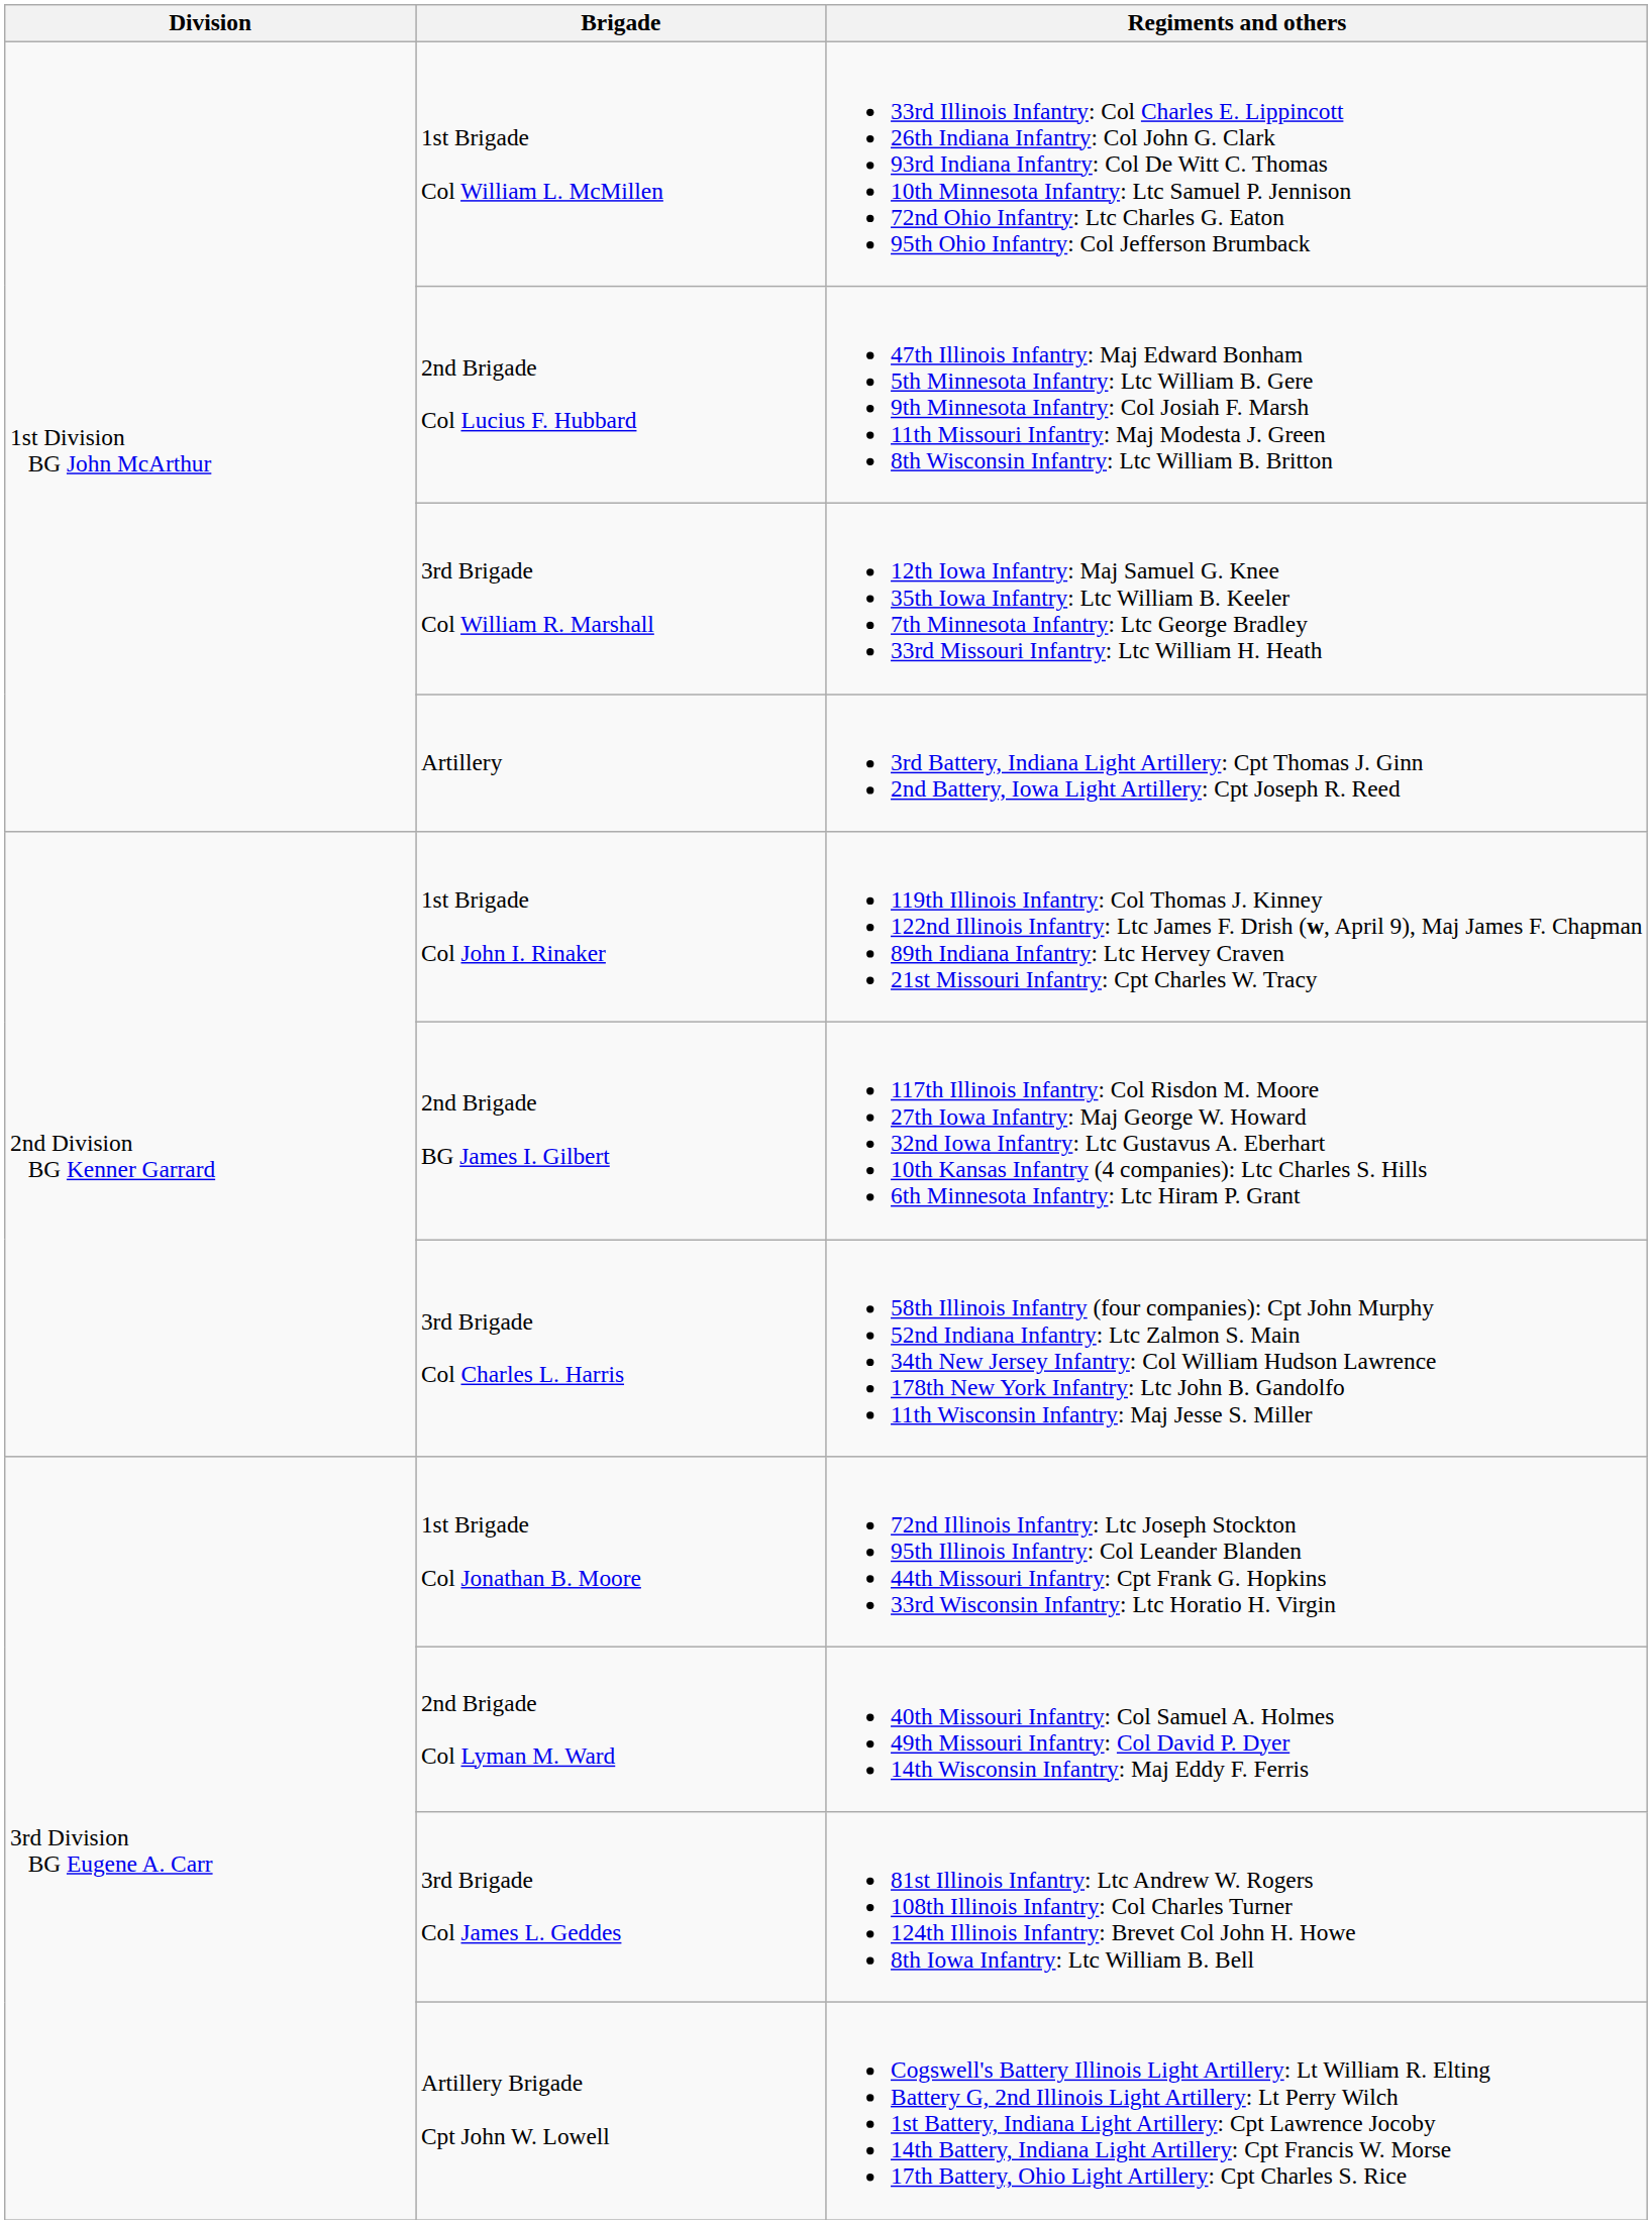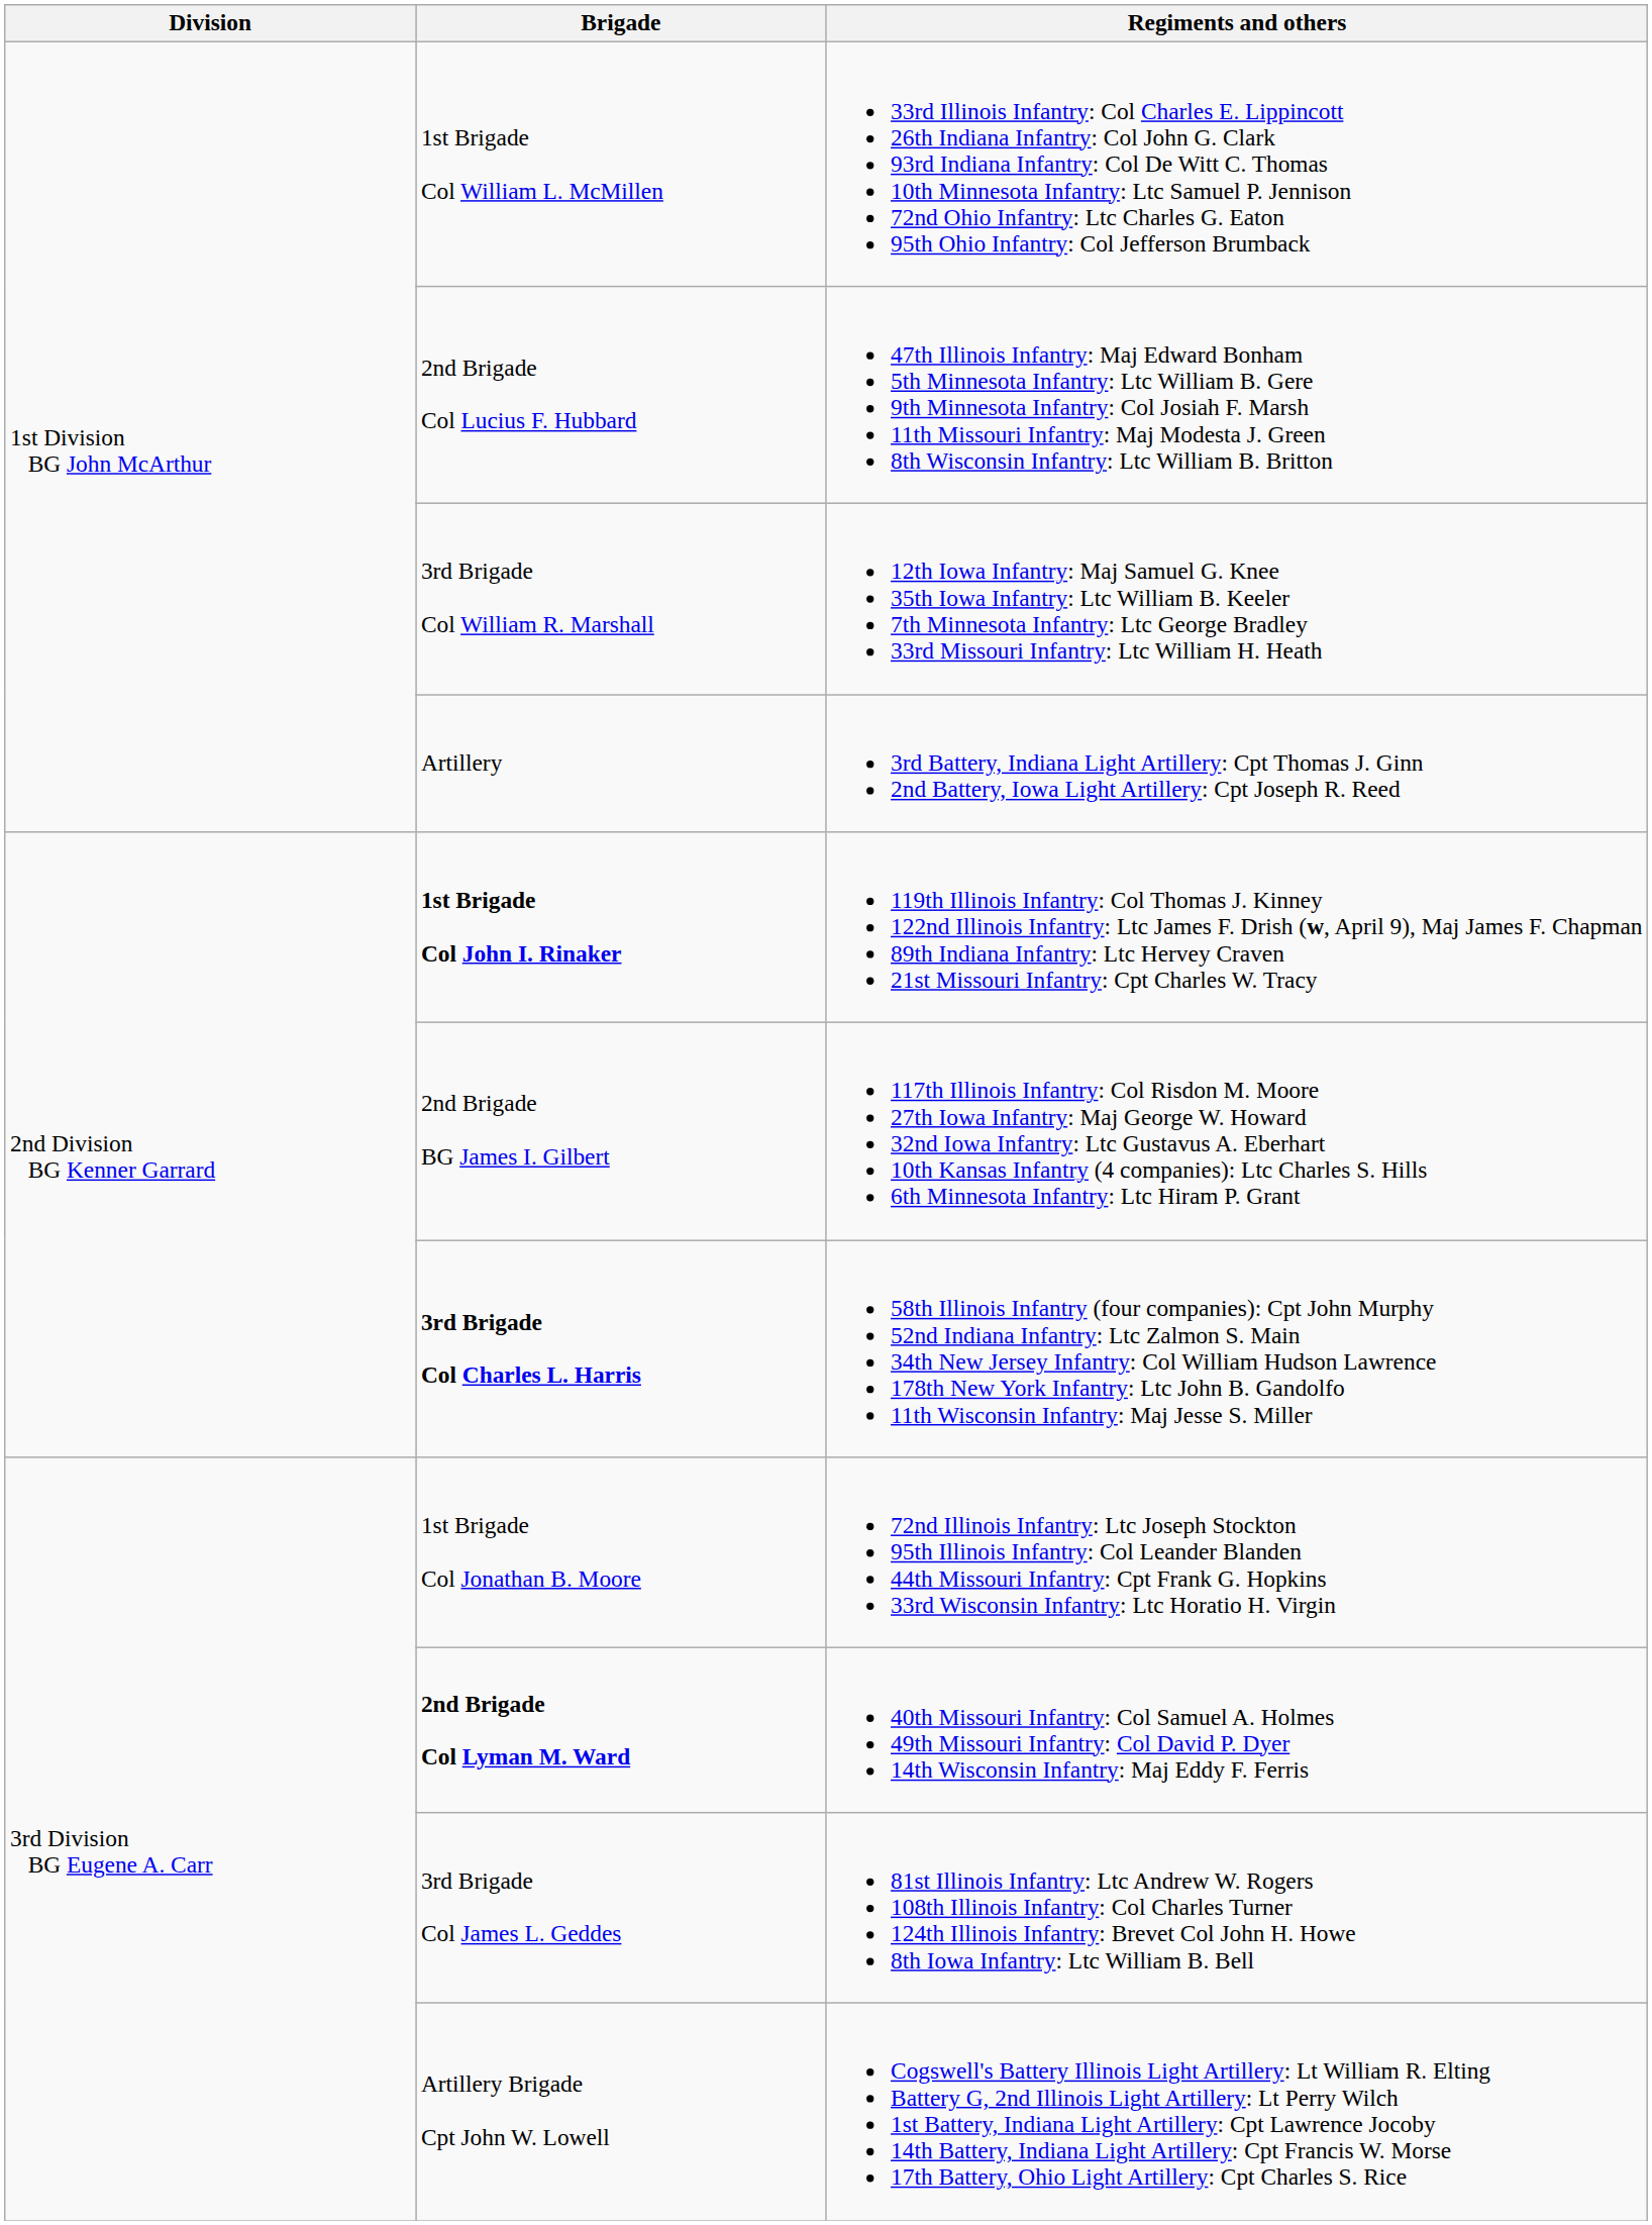 <table class="wikitable">
 <tr>
 <th style="width:25%;">Division</th>
 <th style="width:25%;">Brigade</th>
 <th>Regiments and others</th>
 </tr>
 <tr>
 <td rowspan=4><br>1st Division <br>   BG <a href='#'>John McArthur</a></td>
 <td>1st Brigade<br><br> Col <a href='#'>William L. McMillen</a></td>
 <td><br><ul><li><a href='#'>33rd Illinois Infantry</a>: Col <a href='#'>Charles E. Lippincott</a></li><li><a href='#'>26th Indiana Infantry</a>: Col John G. Clark</li><li><a href='#'>93rd Indiana Infantry</a>: Col De Witt C. Thomas</li><li><a href='#'>10th Minnesota Infantry</a>: Ltc Samuel P. Jennison</li><li><a href='#'>72nd Ohio Infantry</a>: Ltc Charles G. Eaton</li><li><a href='#'>95th Ohio Infantry</a>: Col Jefferson Brumback</li></ul></td>
 </tr>
 <tr>
 <td>2nd Brigade<br><br> Col <a href='#'>Lucius F. Hubbard</a></td>
 <td><br><ul><li><a href='#'>47th Illinois Infantry</a>: Maj Edward Bonham</li><li><a href='#'>5th Minnesota Infantry</a>: Ltc William B. Gere</li><li><a href='#'>9th Minnesota Infantry</a>: Col Josiah F. Marsh</li><li><a href='#'>11th Missouri Infantry</a>: Maj Modesta J. Green</li><li><a href='#'>8th Wisconsin Infantry</a>: Ltc William B. Britton</li></ul></td>
 </tr>
 <tr>
 <td>3rd Brigade<br><br> Col <a href='#'>William R. Marshall</a></td>
 <td><br><ul><li><a href='#'>12th Iowa Infantry</a>: Maj Samuel G. Knee</li><li><a href='#'>35th Iowa Infantry</a>: Ltc William B. Keeler</li><li><a href='#'>7th Minnesota Infantry</a>: Ltc George Bradley</li><li><a href='#'>33rd Missouri Infantry</a>: Ltc William H. Heath</li></ul></td>
 </tr>
 <tr>
 <td>Artillery</td>
 <td><br><ul><li><a href='#'>3rd Battery, Indiana Light Artillery</a>: Cpt Thomas J. Ginn</li><li><a href='#'>2nd Battery, Iowa Light Artillery</a>: Cpt Joseph R. Reed</li></ul></td>
 </tr>
 <tr>
 <td rowspan=3><br>2nd Division <br>   BG <a href='#'>Kenner Garrard</a></td>
-<td>1st Brigade<br><br> Col <a href='#'>John I. Rinaker</a></td>
+<td><strong>1st Brigade<br><br> Col <a href='#'>John I. Rinaker</a></strong></td>
 <td><br><ul><li><a href='#'>119th Illinois Infantry</a>: Col Thomas J. Kinney</li><li><a href='#'>122nd Illinois Infantry</a>: Ltc James F. Drish (<strong>w</strong>, April 9), Maj James F. Chapman</li><li><a href='#'>89th Indiana Infantry</a>: Ltc Hervey Craven</li><li><a href='#'>21st Missouri Infantry</a>: Cpt Charles W. Tracy</li></ul></td>
 </tr>
 <tr>
 <td>2nd Brigade<br><br> BG <a href='#'>James I. Gilbert</a></td>
 <td><br><ul><li><a href='#'>117th Illinois Infantry</a>: Col Risdon M. Moore</li><li><a href='#'>27th Iowa Infantry</a>: Maj George W. Howard</li><li><a href='#'>32nd Iowa Infantry</a>: Ltc Gustavus A. Eberhart</li><li><a href='#'>10th Kansas Infantry</a> (4 companies): Ltc Charles S. Hills</li><li><a href='#'>6th Minnesota Infantry</a>: Ltc Hiram P. Grant</li></ul></td>
 </tr>
 <tr>
-<td>3rd Brigade<br><br> Col <a href='#'>Charles L. Harris</a></td>
+<td><strong>3rd Brigade<br><br> Col <a href='#'>Charles L. Harris</a></strong></td>
 <td><br><ul><li><a href='#'>58th Illinois Infantry</a> (four companies): Cpt John Murphy</li><li><a href='#'>52nd Indiana Infantry</a>: Ltc Zalmon S. Main</li><li><a href='#'>34th New Jersey Infantry</a>: Col William Hudson Lawrence</li><li><a href='#'>178th New York Infantry</a>: Ltc John B. Gandolfo</li><li><a href='#'>11th Wisconsin Infantry</a>: Maj Jesse S. Miller</li></ul></td>
 </tr>
 <tr>
 <td rowspan=4><br>3rd Division <br>   BG <a href='#'>Eugene A. Carr</a></td>
 <td>1st Brigade<br><br> Col <a href='#'>Jonathan B. Moore</a></td>
 <td><br><ul><li><a href='#'>72nd Illinois Infantry</a>: Ltc Joseph Stockton</li><li><a href='#'>95th Illinois Infantry</a>: Col Leander Blanden</li><li><a href='#'>44th Missouri Infantry</a>: Cpt Frank G. Hopkins</li><li><a href='#'>33rd Wisconsin Infantry</a>: Ltc Horatio H. Virgin</li></ul></td>
 </tr>
 <tr>
-<td>2nd Brigade<br><br> Col <a href='#'>Lyman M. Ward</a></td>
+<td><strong>2nd Brigade<br><br> Col <a href='#'>Lyman M. Ward</a></strong></td>
 <td><br><ul><li><a href='#'>40th Missouri Infantry</a>: Col Samuel A. Holmes</li><li><a href='#'>49th Missouri Infantry</a>: <a href='#'>Col David P. Dyer</a></li><li><a href='#'>14th Wisconsin Infantry</a>: Maj Eddy F. Ferris</li></ul></td>
 </tr>
 <tr>
 <td>3rd Brigade<br><br> Col <a href='#'>James L. Geddes</a></td>
 <td><br><ul><li><a href='#'>81st Illinois Infantry</a>: Ltc Andrew W. Rogers</li><li><a href='#'>108th Illinois Infantry</a>: Col Charles Turner</li><li><a href='#'>124th Illinois Infantry</a>: Brevet Col John H. Howe</li><li><a href='#'>8th Iowa Infantry</a>: Ltc William B. Bell</li></ul></td>
 </tr>
 <tr>
 <td>Artillery Brigade<br><br> Cpt John W. Lowell</td>
 <td><br><ul><li><a href='#'>Cogswell's Battery Illinois Light Artillery</a>: Lt William R. Elting</li><li><a href='#'>Battery G, 2nd Illinois Light Artillery</a>: Lt Perry Wilch</li><li><a href='#'>1st Battery, Indiana Light Artillery</a>: Cpt Lawrence Jocoby</li><li><a href='#'>14th Battery, Indiana Light Artillery</a>: Cpt Francis W. Morse</li><li><a href='#'>17th Battery, Ohio Light Artillery</a>: Cpt Charles S. Rice</li></ul></td>
 </tr>
 </table>
